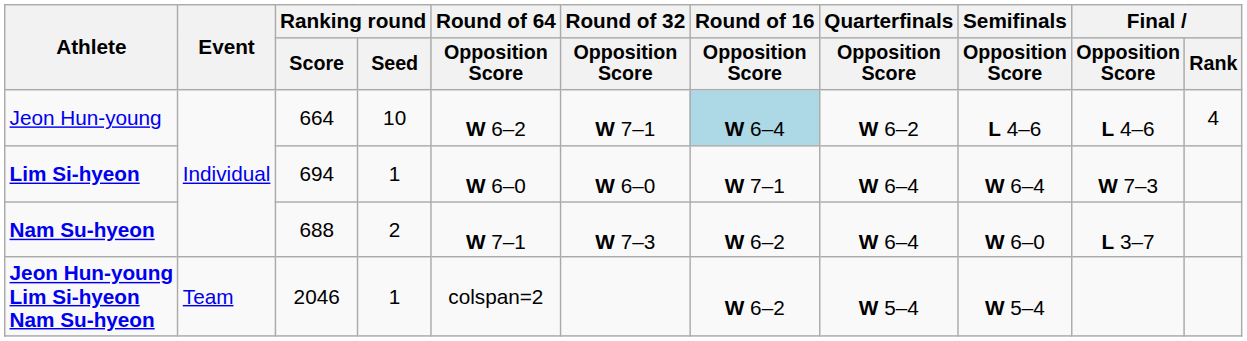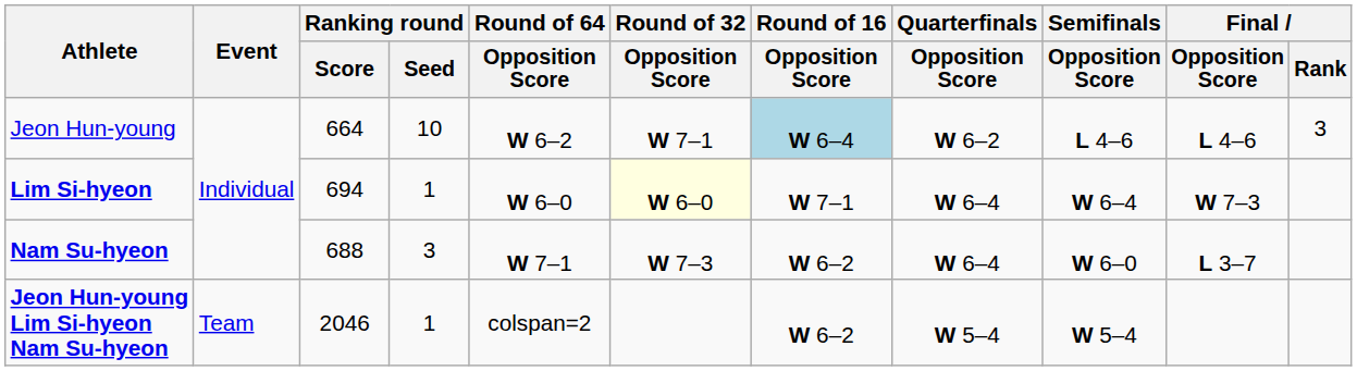 <table class="wikitable" style="font-size:90%; text-align:center">
 <tr>
 <th rowspan=2>Athlete</th>
 <th rowspan=2>Event</th>
 <th colspan="2">Ranking round</th>
 <th>Round of 64</th>
 <th>Round of 32</th>
 <th>Round of 16</th>
 <th>Quarterfinals</th>
 <th>Semifinals</th>
 <th colspan="2">Final / </th>
 </tr>
 <tr style="font-size:95%">
 <th>Score</th>
 <th>Seed</th>
 <th>Opposition<br>Score</th>
 <th>Opposition<br>Score</th>
 <th>Opposition<br>Score</th>
 <th>Opposition<br>Score</th>
 <th>Opposition<br>Score</th>
 <th>Opposition<br>Score</th>
 <th>Rank</th>
 </tr>
 <tr align=center>
 <td align=left><a href='#'>Jeon Hun-young</a></td>
 <td align=left rowspan=3><a href='#'>Individual</a></td>
 <td>664</td>
 <td>10</td>
 <td><br><strong>W</strong> 6–2</td>
 <td><br><strong>W</strong> 7–1</td>
 <td style="background: lightblue;"><br><strong>W</strong> 6–4</td>
 <td><br><strong>W</strong> 6–2</td>
 <td><br><strong>L</strong> 4–6</td>
 <td><br><strong>L</strong> 4–6</td>
-<td>4</td>
+<td>3</td>
 </tr>
 <tr align=center>
 <td align=left><strong><a href='#'>Lim Si-hyeon</a></strong></td>
 <td>694 <strong></strong></td>
 <td>1</td>
 <td><br><strong>W</strong> 6–0</td>
-<td><br><strong>W</strong> 6–0</td>
+<td style="background: lightyellow;"><br><strong>W</strong> 6–0</td>
 <td><br><strong>W</strong> 7–1</td>
 <td><br><strong>W</strong> 6–4</td>
 <td><br><strong>W</strong> 6–4</td>
 <td><br><strong>W</strong> 7–3</td>
 <td></td>
 </tr>
 <tr align=center>
 <td align=left><strong><a href='#'>Nam Su-hyeon</a></strong></td>
 <td>688</td>
-<td>2</td>
+<td>3</td>
 <td><br><strong>W</strong> 7–1</td>
 <td><br><strong>W</strong> 7–3</td>
 <td><br><strong>W</strong> 6–2</td>
 <td><br><strong>W</strong> 6–4</td>
 <td><br><strong>W</strong> 6–0</td>
 <td><br><strong>L</strong> 3–7</td>
 <td></td>
 </tr>
 <tr align=center>
 <td align=left><strong><a href='#'>Jeon Hun-young</a></strong><br><strong><a href='#'>Lim Si-hyeon</a></strong><br><strong><a href='#'>Nam Su-hyeon</a></strong></td>
 <td align=left><a href='#'>Team</a></td>
 <td>2046 </td>
 <td>1</td>
 <td>colspan=2 </td>
 <td></td>
 <td><br><strong>W</strong> 6–2</td>
 <td><br><strong>W</strong> 5–4</td>
 <td><br><strong>W</strong> 5–4</td>
 <td></td>
 </tr>
 </table>
